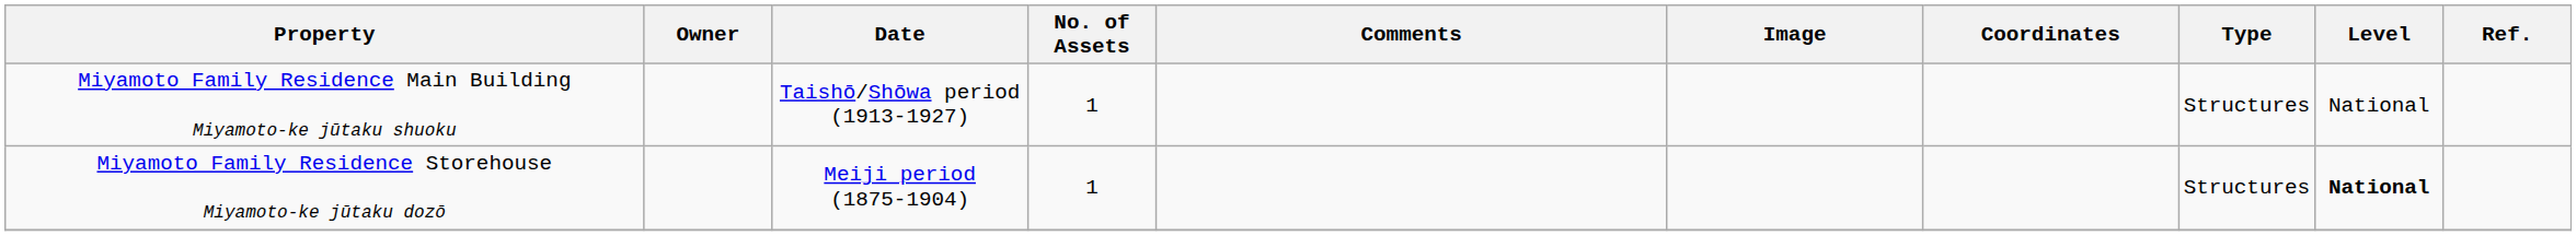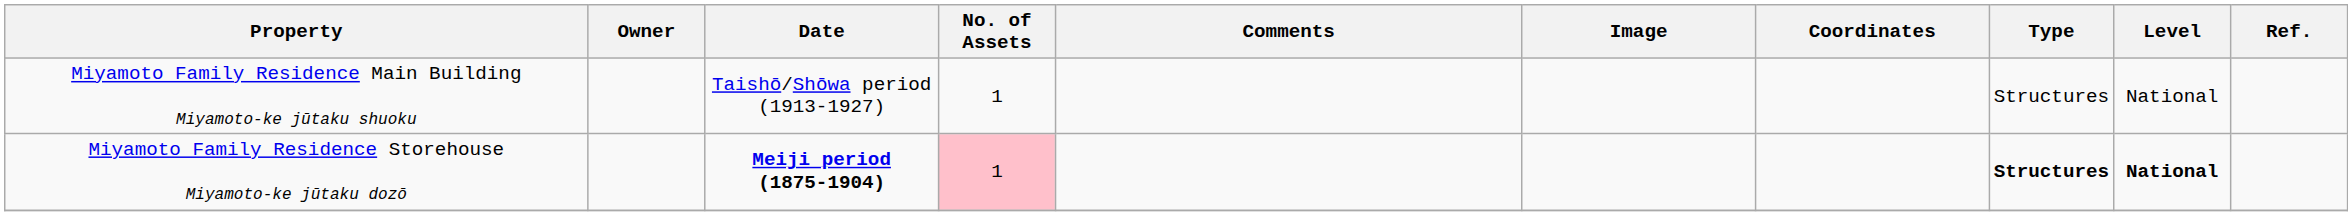 <table class="wikitable sortable"  style="width:100%;">
 <tr>
 <th width="25%" align="left">Property</th>
 <th width="5%" align="left">Owner</th>
 <th width="10%" align="left">Date</th>
 <th width="5%" align="left" class="unsortable">No. of Assets</th>
 <th width="20%" align="left" class="unsortable">Comments</th>
 <th width="10%" align="left"  class="unsortable">Image</th>
 <th width="10%" align="left" class="unsortable">Coordinates</th>
 <th width="5%" align="left">Type</th>
 <th width="5%" align="left">Level</th>
 <th width="5%" align="left"  class="unsortable">Ref.</th>
 </tr>
 <tr>
 <td align="center"><a href='#'>Miyamoto Family Residence</a> Main Building<br><br><small><em>Miyamoto-ke jūtaku shuoku</em></small></td>
 <td></td>
 <td align="center"><a href='#'>Taishō</a>/<a href='#'>Shōwa</a> period<br>(1913-1927)</td>
 <td align="center">1</td>
 <td></td>
 <td></td>
 <td></td>
 <td align="center">Structures</td>
 <td align="center">National</td>
 <td></td>
 </tr>
 <tr>
 <td align="center"><a href='#'>Miyamoto Family Residence</a> Storehouse<br><br><small><em>Miyamoto-ke jūtaku dozō</em></small></td>
 <td></td>
-<td align="center"><a href='#'>Meiji period</a><br>(1875-1904)</td>
-<td align="center">1</td>
+<td align="center"><strong><a href='#'>Meiji period</a><br>(1875-1904)</strong></td>
+<td align="center" style="background: pink;">1</td>
 <td></td>
 <td></td>
 <td></td>
-<td align="center">Structures</td>
+<td align="center"><strong>Structures</strong></td>
 <td align="center"><strong>National</strong></td>
 <td></td>
 </tr>
 <tr>
 </tr>
 </table>
